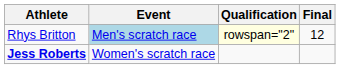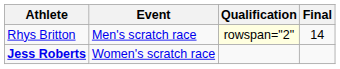 <table class="wikitable" style="font-size:90%;">
 <tr>
 <th>Athlete</th>
 <th>Event</th>
 <th>Qualification</th>
 <th>Final</th>
 </tr>
 <tr align=center>
 <td align=left><a href='#'>Rhys Britton</a></td>
-<td align=left style="background: lightblue;"><a href='#'>Men's scratch race</a></td>
+<td align=left><a href='#'>Men's scratch race</a></td>
 <td style="background: lightyellow;">rowspan="2" </td>
-<td>12</td>
+<td>14</td>
 </tr>
 <tr align=center>
 <td align=left><strong><a href='#'>Jess Roberts</a></strong></td>
 <td align=left><a href='#'>Women's scratch race</a></td>
 <td></td>
 </tr>
 </table>
